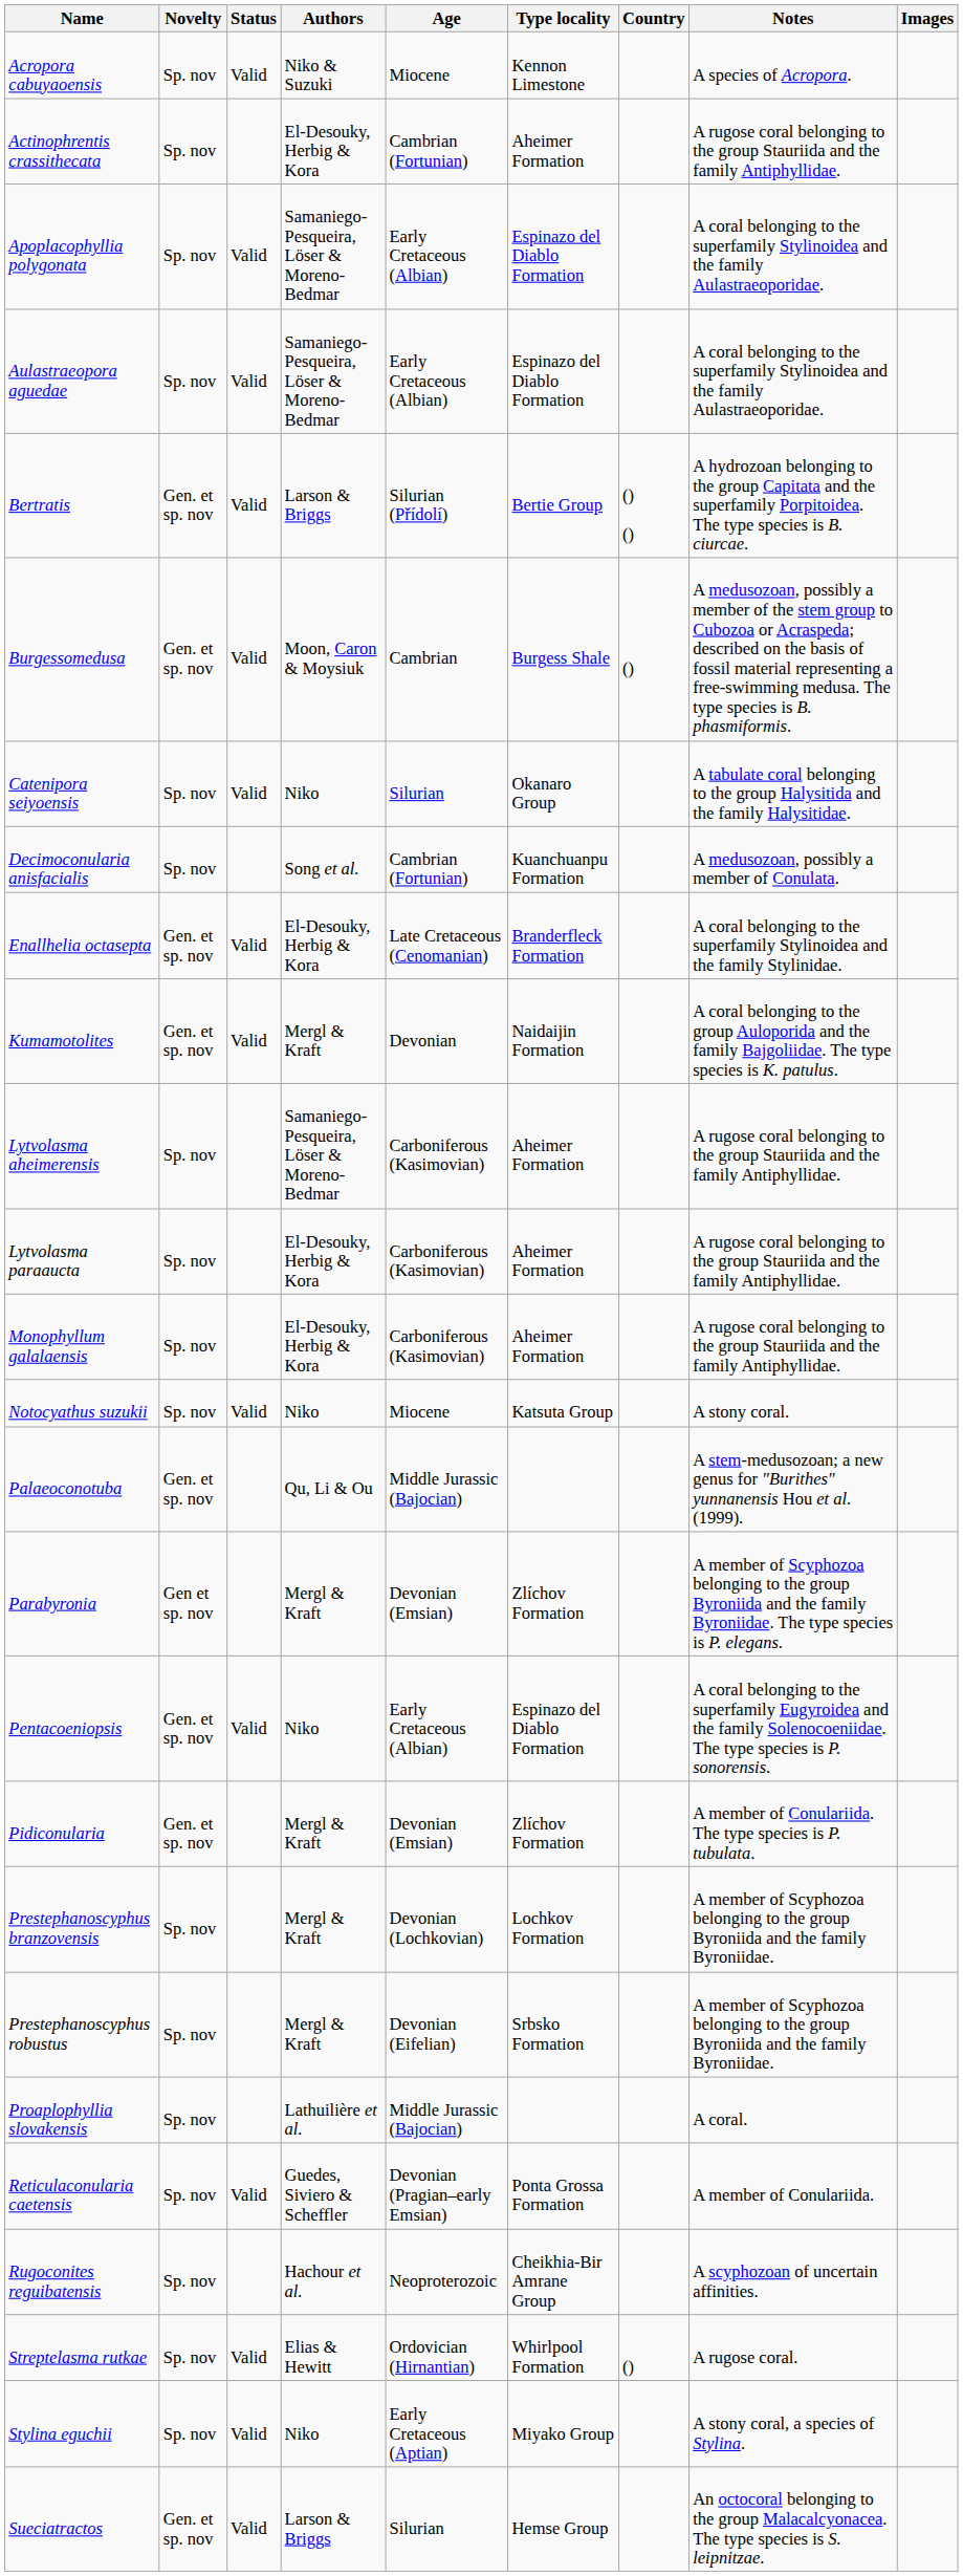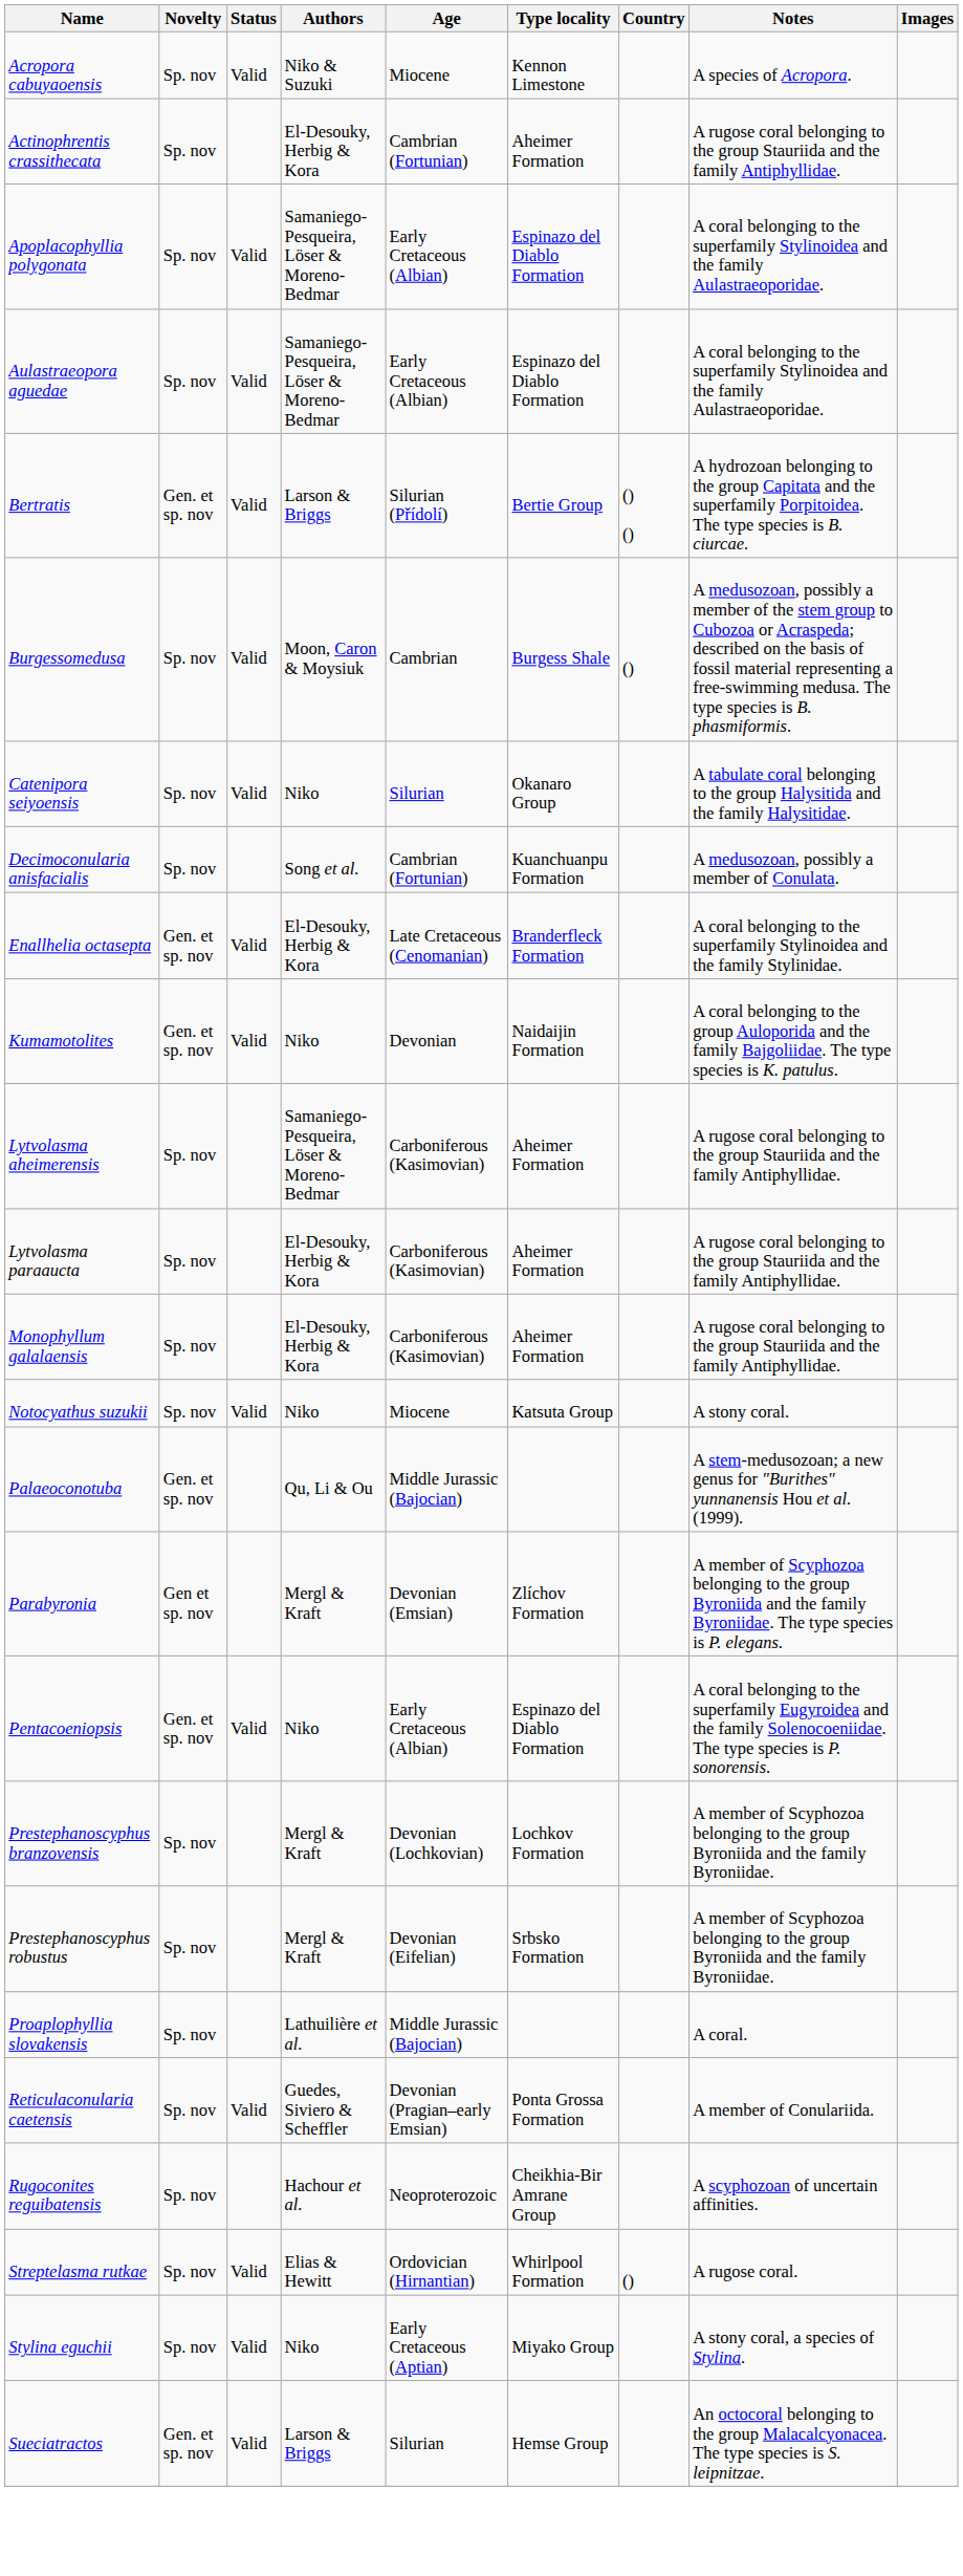 <table class="wikitable sortable" align="center" width="100%">
 <tr>
 <th>Name</th>
 <th>Novelty</th>
 <th>Status</th>
 <th>Authors</th>
 <th>Age</th>
 <th>Type locality</th>
 <th>Country</th>
 <th>Notes</th>
 <th>Images</th>
 </tr>
 <tr>
 <td><br><em><a href='#'>Acropora cabuyaoensis</a></em></td>
 <td><br>Sp. nov</td>
 <td><br>Valid</td>
 <td><br>Niko & Suzuki</td>
 <td><br>Miocene</td>
 <td><br>Kennon Limestone</td>
 <td><br></td>
 <td><br>A species of <em><a href='#'>Acropora</a></em>.</td>
 <td></td>
 </tr>
 <tr>
 <td><br><em><a href='#'>Actinophrentis crassithecata</a></em></td>
 <td><br>Sp. nov</td>
 <td></td>
 <td><br>El-Desouky, Herbig & Kora</td>
 <td><br>Cambrian (<a href='#'>Fortunian</a>)</td>
 <td><br>Aheimer Formation</td>
 <td><br></td>
 <td><br>A rugose coral belonging to the group Stauriida and the family <a href='#'>Antiphyllidae</a>.</td>
 <td></td>
 </tr>
 <tr>
 <td><br><em><a href='#'>Apoplacophyllia polygonata</a></em></td>
 <td><br>Sp. nov</td>
 <td><br>Valid</td>
 <td><br>Samaniego-Pesqueira, Löser & Moreno-Bedmar</td>
 <td><br>Early Cretaceous (<a href='#'>Albian</a>)</td>
 <td><br><a href='#'>Espinazo del Diablo Formation</a></td>
 <td><br></td>
 <td><br>A coral belonging to the superfamily <a href='#'>Stylinoidea</a> and the family <a href='#'>Aulastraeoporidae</a>.</td>
 <td></td>
 </tr>
 <tr>
 <td><br><em><a href='#'>Aulastraeopora aguedae</a></em></td>
 <td><br>Sp. nov</td>
 <td><br>Valid</td>
 <td><br>Samaniego-Pesqueira, Löser & Moreno-Bedmar</td>
 <td><br>Early Cretaceous (Albian)</td>
 <td><br>Espinazo del Diablo Formation</td>
 <td><br></td>
 <td><br>A coral belonging to the superfamily Stylinoidea and the family Aulastraeoporidae.</td>
 <td></td>
 </tr>
 <tr>
 <td><br><em><a href='#'>Bertratis</a></em></td>
 <td><br>Gen. et sp. nov</td>
 <td><br>Valid</td>
 <td><br>Larson & <a href='#'>Briggs</a></td>
 <td><br>Silurian (<a href='#'>Přídolí</a>)</td>
 <td><br><a href='#'>Bertie Group</a></td>
 <td><br><br>()<br> <br>()</td>
 <td><br>A hydrozoan belonging to the group <a href='#'>Capitata</a> and the superfamily <a href='#'>Porpitoidea</a>. The type species is <em>B. ciurcae</em>.</td>
 <td></td>
 </tr>
 <tr>
 <td><br><em><a href='#'>Burgessomedusa</a></em></td>
-<td><br>Gen. et sp. nov</td>
+<td><br>Sp. nov</td>
 <td><br>Valid</td>
 <td><br>Moon, <a href='#'>Caron</a> & Moysiuk</td>
 <td><br>Cambrian</td>
 <td><br><a href='#'>Burgess Shale</a></td>
 <td><br><br>()</td>
 <td><br>A <a href='#'>medusozoan</a>, possibly a member of the <a href='#'>stem group</a> to <a href='#'>Cubozoa</a> or <a href='#'>Acraspeda</a>; described on the basis of fossil material representing a free-swimming medusa. The type species is <em>B. phasmiformis</em>.</td>
 <td></td>
 </tr>
 <tr>
 <td><br><em><a href='#'>Catenipora seiyoensis</a></em></td>
 <td><br>Sp. nov</td>
 <td><br>Valid</td>
 <td><br>Niko</td>
 <td><br><a href='#'>Silurian</a></td>
 <td><br>Okanaro Group</td>
 <td><br></td>
 <td><br>A <a href='#'>tabulate coral</a> belonging to the group <a href='#'>Halysitida</a> and the family <a href='#'>Halysitidae</a>.</td>
 <td></td>
 </tr>
 <tr>
 <td><br><em><a href='#'>Decimoconularia anisfacialis</a></em></td>
 <td><br>Sp. nov</td>
 <td></td>
 <td><br>Song <em>et al.</em></td>
 <td><br>Cambrian (<a href='#'>Fortunian</a>)</td>
 <td><br>Kuanchuanpu Formation</td>
 <td><br></td>
 <td><br>A <a href='#'>medusozoan</a>, possibly a member of <a href='#'>Conulata</a>.</td>
 <td></td>
 </tr>
 <tr>
 <td><br><em><a href='#'>Enallhelia octasepta</a></em></td>
 <td><br>Gen. et sp. nov</td>
 <td><br>Valid</td>
 <td><br>El-Desouky, Herbig & Kora</td>
 <td><br>Late Cretaceous (<a href='#'>Cenomanian</a>)</td>
 <td><br><a href='#'>Branderfleck Formation</a></td>
 <td><br></td>
 <td><br>A coral belonging to the superfamily Stylinoidea and the family Stylinidae.</td>
 <td></td>
 </tr>
 <tr>
 <td><br><em><a href='#'>Kumamotolites</a></em></td>
 <td><br>Gen. et sp. nov</td>
 <td><br>Valid</td>
-<td><br>Mergl & Kraft</td>
+<td><br>Niko</td>
 <td><br>Devonian</td>
 <td><br>Naidaijin Formation</td>
 <td><br></td>
 <td><br>A coral belonging to the group <a href='#'>Auloporida</a> and the family <a href='#'>Bajgoliidae</a>. The type species is <em>K. patulus</em>.</td>
 <td></td>
 </tr>
 <tr>
 <td><br><em><a href='#'>Lytvolasma aheimerensis</a></em></td>
 <td><br>Sp. nov</td>
 <td></td>
 <td><br>Samaniego-Pesqueira, Löser & Moreno-Bedmar</td>
 <td><br>Carboniferous (Kasimovian)</td>
 <td><br>Aheimer Formation</td>
 <td><br></td>
 <td><br>A rugose coral belonging to the group Stauriida and the family Antiphyllidae.</td>
 <td></td>
 </tr>
 <tr>
 <td><br><em>Lytvolasma paraaucta</em></td>
 <td><br>Sp. nov</td>
 <td></td>
 <td><br>El-Desouky, Herbig & Kora</td>
 <td><br>Carboniferous (Kasimovian)</td>
 <td><br>Aheimer Formation</td>
 <td><br></td>
 <td><br>A rugose coral belonging to the group Stauriida and the family Antiphyllidae.</td>
 <td></td>
 </tr>
 <tr>
 <td><br><em><a href='#'>Monophyllum galalaensis</a></em></td>
 <td><br>Sp. nov</td>
 <td></td>
 <td><br>El-Desouky, Herbig & Kora</td>
 <td><br>Carboniferous (Kasimovian)</td>
 <td><br>Aheimer Formation</td>
 <td><br></td>
 <td><br>A rugose coral belonging to the group Stauriida and the family Antiphyllidae.</td>
 <td></td>
 </tr>
 <tr>
 <td><br><em><a href='#'>Notocyathus suzukii</a></em></td>
 <td><br>Sp. nov</td>
 <td><br>Valid</td>
 <td><br>Niko</td>
 <td><br>Miocene</td>
 <td><br>Katsuta Group</td>
 <td><br></td>
 <td><br>A stony coral.</td>
 <td></td>
 </tr>
 <tr>
 <td><br><em><a href='#'>Palaeoconotuba</a></em></td>
 <td><br>Gen. et sp. nov</td>
 <td></td>
 <td><br>Qu, Li & Ou</td>
 <td><br>Middle Jurassic (<a href='#'>Bajocian</a>)</td>
 <td></td>
 <td><br></td>
 <td><br>A <a href='#'>stem</a>-medusozoan; a new genus for <em>"Burithes" yunnanensis</em> Hou <em>et al.</em> (1999).</td>
 <td></td>
 </tr>
 <tr>
 <td><br><em><a href='#'>Parabyronia</a></em></td>
 <td><br>Gen et sp. nov</td>
 <td></td>
 <td><br>Mergl & Kraft</td>
 <td><br>Devonian (Emsian)</td>
 <td><br>Zlíchov Formation</td>
 <td><br></td>
 <td><br>A member of <a href='#'>Scyphozoa</a> belonging to the group <a href='#'>Byroniida</a> and the family <a href='#'>Byroniidae</a>. The type species is <em>P. elegans</em>.</td>
 <td></td>
 </tr>
 <tr>
 <td><br><em><a href='#'>Pentacoeniopsis</a></em></td>
 <td><br>Gen. et sp. nov</td>
 <td><br>Valid</td>
 <td><br>Niko</td>
 <td><br>Early Cretaceous (Albian)</td>
 <td><br>Espinazo del Diablo Formation</td>
 <td><br></td>
 <td><br>A coral belonging to the superfamily <a href='#'>Eugyroidea</a> and the family <a href='#'>Solenocoeniidae</a>. The type species is <em>P. sonorensis</em>.</td>
-<td></td>
-</tr>
-<tr>
-<td><br><em><a href='#'>Pidiconularia</a></em></td>
-<td><br>Gen. et sp. nov</td>
-<td></td>
-<td><br>Mergl & Kraft</td>
-<td><br>Devonian (Emsian)</td>
-<td><br>Zlíchov Formation</td>
-<td><br></td>
-<td><br>A member of <a href='#'>Conulariida</a>. The type species is <em>P. tubulata</em>.</td>
 <td></td>
 </tr>
 <tr>
 <td><br><em><a href='#'>Prestephanoscyphus branzovensis</a></em></td>
 <td><br>Sp. nov</td>
 <td></td>
 <td><br>Mergl & Kraft</td>
 <td><br>Devonian (Lochkovian)</td>
 <td><br>Lochkov Formation</td>
 <td><br></td>
 <td><br>A member of Scyphozoa belonging to the group Byroniida and the family Byroniidae.</td>
 <td></td>
 </tr>
 <tr>
 <td><br><em>Prestephanoscyphus robustus</em></td>
 <td><br>Sp. nov</td>
 <td></td>
 <td><br>Mergl & Kraft</td>
 <td><br>Devonian (Eifelian)</td>
 <td><br>Srbsko Formation</td>
 <td><br></td>
 <td><br>A member of Scyphozoa belonging to the group Byroniida and the family Byroniidae.</td>
 <td></td>
 </tr>
 <tr>
 <td><br><em><a href='#'>Proaplophyllia slovakensis</a></em></td>
 <td><br>Sp. nov</td>
 <td></td>
 <td><br>Lathuilière <em>et al.</em></td>
 <td><br>Middle Jurassic (<a href='#'>Bajocian</a>)</td>
 <td></td>
 <td><br></td>
 <td><br>A coral.</td>
 <td></td>
 </tr>
 <tr>
 <td><br><em><a href='#'>Reticulaconularia caetensis</a></em></td>
 <td><br>Sp. nov</td>
 <td><br>Valid</td>
 <td><br>Guedes, Siviero & Scheffler</td>
 <td><br>Devonian (Pragian–early Emsian)</td>
 <td><br>Ponta Grossa Formation</td>
 <td><br></td>
 <td><br>A member of Conulariida.</td>
 <td></td>
 </tr>
 <tr>
 <td><br><em><a href='#'>Rugoconites reguibatensis</a></em></td>
 <td><br>Sp. nov</td>
 <td></td>
 <td><br>Hachour <em>et al.</em></td>
 <td><br>Neoproterozoic</td>
 <td><br>Cheikhia-Bir Amrane Group</td>
 <td><br></td>
 <td><br>A <a href='#'>scyphozoan</a> of uncertain affinities.</td>
 <td></td>
 </tr>
 <tr>
 <td><br><em><a href='#'>Streptelasma rutkae</a></em></td>
 <td><br>Sp. nov</td>
 <td><br>Valid</td>
 <td><br>Elias & Hewitt</td>
 <td><br>Ordovician (<a href='#'>Hirnantian</a>)</td>
 <td><br>Whirlpool Formation</td>
 <td><br><br>()</td>
 <td><br>A rugose coral.</td>
 <td></td>
 </tr>
 <tr>
 <td><br><em><a href='#'>Stylina eguchii</a></em></td>
 <td><br>Sp. nov</td>
 <td><br>Valid</td>
 <td><br>Niko</td>
 <td><br>Early Cretaceous (<a href='#'>Aptian</a>)</td>
 <td><br>Miyako Group</td>
 <td><br></td>
 <td><br>A stony coral, a species of <em><a href='#'>Stylina</a></em>.</td>
 <td></td>
 </tr>
 <tr>
 <td><br><em><a href='#'>Sueciatractos</a></em></td>
 <td><br>Gen. et sp. nov</td>
 <td><br>Valid</td>
 <td><br>Larson & <a href='#'>Briggs</a></td>
 <td><br>Silurian</td>
 <td><br>Hemse Group</td>
 <td><br></td>
 <td><br>An <a href='#'>octocoral</a> belonging to the group <a href='#'>Malacalcyonacea</a>. The type species is <em>S. leipnitzae</em>.</td>
 <td></td>
 </tr>
 <tr>
 </tr>
 </table>
